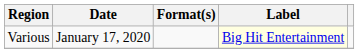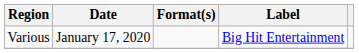 <table class="wikitable plainrowheaders" style="text-align:center">
 <tr>
 <th>Region</th>
 <th>Date</th>
 <th>Format(s)</th>
 <th>Label</th>
 <th></th>
 </tr>
 <tr>
 <td>Various</td>
 <td>January 17, 2020</td>
 <td></td>
-<td style="background: lightyellow;"><a href='#'>Big Hit Entertainment</a></td>
+<td><a href='#'>Big Hit Entertainment</a></td>
 <td></td>
 </tr>
 <tr>
 </tr>
 </table>
